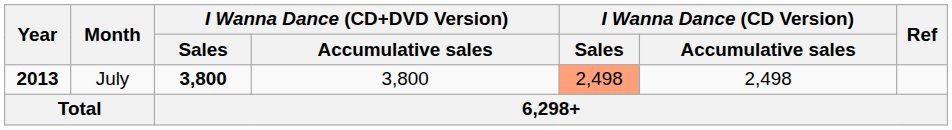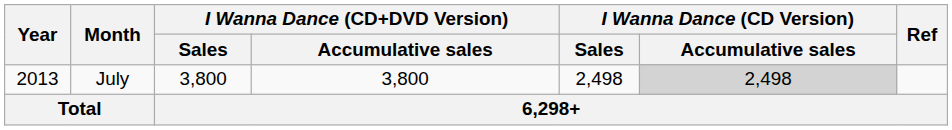 <table class="wikitable" style="text-align:center; width:800px">
 <tr>
 <th rowspan=2>Year</th>
 <th rowspan=2>Month</th>
 <th colspan=2><em>I Wanna Dance</em> (CD+DVD Version)</th>
 <th colspan=2><em>I Wanna Dance</em> (CD Version)</th>
 <th rowspan=2>Ref</th>
 </tr>
 <tr>
 <th>Sales</th>
 <th>Accumulative sales</th>
 <th>Sales</th>
 <th>Accumulative sales</th>
 </tr>
 <tr>
-<td><strong>2013</strong></td>
+<td>2013</td>
 <td>July</td>
-<td><strong>3,800</strong></td>
 <td>3,800</td>
-<td style="background: lightsalmon;">2,498</td>
+<td>3,800</td>
 <td>2,498</td>
+<td style="background: lightgrey;">2,498</td>
 <td align=center></td>
 </tr>
 <tr>
 <th colspan=2>Total</th>
 <th colspan=11>6,298+</th>
 </tr>
 </table>
